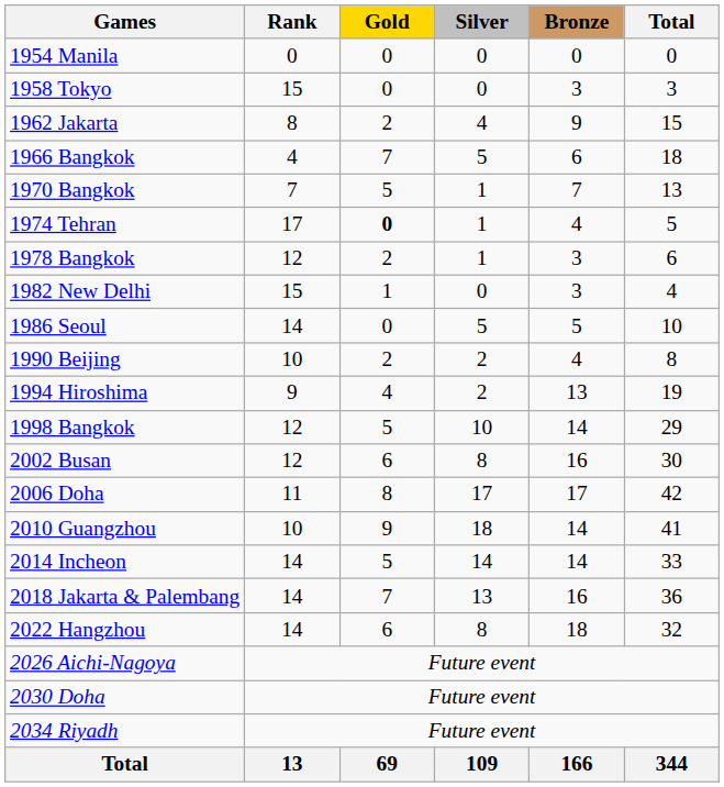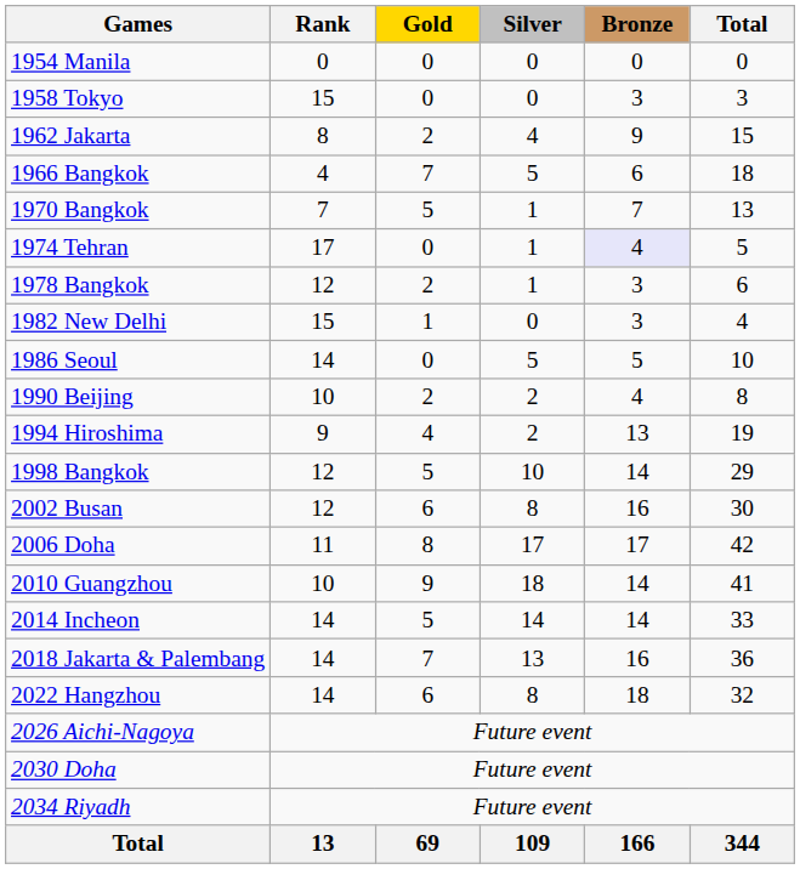 <table class="wikitable sortable" style="margin-top:0em; text-align:center; font-size:100%;">
 <tr>
 <th>Games</th>
 <th style="width:4em;">Rank</th>
 <th style="background:gold; width:4em;"><strong>Gold</strong></th>
 <th style="background:silver; width:4em;"><strong>Silver</strong></th>
 <th style="background:#cc9966; width:4em;"><strong>Bronze</strong></th>
 <th style="width:4em;">Total</th>
 </tr>
 <tr>
 <td align=left><a href='#'>1954 Manila</a></td>
 <td>0</td>
 <td>0</td>
 <td>0</td>
 <td>0</td>
 <td>0</td>
 </tr>
 <tr>
 <td align=left><a href='#'>1958 Tokyo</a></td>
 <td>15</td>
 <td>0</td>
 <td>0</td>
 <td>3</td>
 <td>3</td>
 </tr>
 <tr>
 <td align=left><a href='#'>1962 Jakarta</a></td>
 <td>8</td>
 <td>2</td>
 <td>4</td>
 <td>9</td>
 <td>15</td>
 </tr>
 <tr>
 <td align=left><a href='#'>1966 Bangkok</a></td>
 <td>4</td>
 <td>7</td>
 <td>5</td>
 <td>6</td>
 <td>18</td>
 </tr>
 <tr>
 <td align=left><a href='#'>1970 Bangkok</a></td>
 <td>7</td>
 <td>5</td>
 <td>1</td>
 <td>7</td>
 <td>13</td>
 </tr>
 <tr>
 <td align=left><a href='#'>1974 Tehran</a></td>
 <td>17</td>
-<td><strong>0</strong></td>
+<td>0</td>
 <td>1</td>
-<td>4</td>
+<td style="background: lavender;">4</td>
 <td>5</td>
 </tr>
 <tr>
 <td align=left><a href='#'>1978 Bangkok</a></td>
 <td>12</td>
 <td>2</td>
 <td>1</td>
 <td>3</td>
 <td>6</td>
 </tr>
 <tr>
 <td align=left><a href='#'>1982 New Delhi</a></td>
 <td>15</td>
 <td>1</td>
 <td>0</td>
 <td>3</td>
 <td>4</td>
 </tr>
 <tr>
 <td align=left><a href='#'>1986 Seoul</a></td>
 <td>14</td>
 <td>0</td>
 <td>5</td>
 <td>5</td>
 <td>10</td>
 </tr>
 <tr>
 <td align=left><a href='#'>1990 Beijing</a></td>
 <td>10</td>
 <td>2</td>
 <td>2</td>
 <td>4</td>
 <td>8</td>
 </tr>
 <tr>
 <td align=left><a href='#'>1994 Hiroshima</a></td>
 <td>9</td>
 <td>4</td>
 <td>2</td>
 <td>13</td>
 <td>19</td>
 </tr>
 <tr>
 <td align=left><a href='#'>1998 Bangkok</a></td>
 <td>12</td>
 <td>5</td>
 <td>10</td>
 <td>14</td>
 <td>29</td>
 </tr>
 <tr>
 <td align=left><a href='#'>2002 Busan</a></td>
 <td>12</td>
 <td>6</td>
 <td>8</td>
 <td>16</td>
 <td>30</td>
 </tr>
 <tr>
 <td align=left><a href='#'>2006 Doha</a></td>
 <td>11</td>
 <td>8</td>
 <td>17</td>
 <td>17</td>
 <td>42</td>
 </tr>
 <tr>
 <td align=left><a href='#'>2010 Guangzhou</a></td>
 <td>10</td>
 <td>9</td>
 <td>18</td>
 <td>14</td>
 <td>41</td>
 </tr>
 <tr>
 <td align=left><a href='#'>2014 Incheon</a></td>
 <td>14</td>
 <td>5</td>
 <td>14</td>
 <td>14</td>
 <td>33</td>
 </tr>
 <tr>
 <td align=left><a href='#'>2018 Jakarta & Palembang</a></td>
 <td>14</td>
 <td>7</td>
 <td>13</td>
 <td>16</td>
 <td>36</td>
 </tr>
 <tr>
 <td align=left><a href='#'>2022 Hangzhou</a></td>
 <td>14</td>
 <td>6</td>
 <td>8</td>
 <td>18</td>
 <td>32</td>
 </tr>
 <tr>
 <td align=left><em><a href='#'>2026 Aichi-Nagoya</a></em></td>
 <td colspan=5><em>Future event</em></td>
 </tr>
 <tr>
 <td align=left><em><a href='#'>2030 Doha</a></em></td>
 <td colspan=5><em>Future event</em></td>
 </tr>
 <tr>
 <td align=left><em><a href='#'>2034 Riyadh</a></em></td>
 <td colspan=5><em>Future event</em></td>
 </tr>
 <tr>
 <th>Total</th>
 <th>13</th>
 <th>69</th>
 <th>109</th>
 <th>166</th>
 <th>344</th>
 </tr>
 </table>
